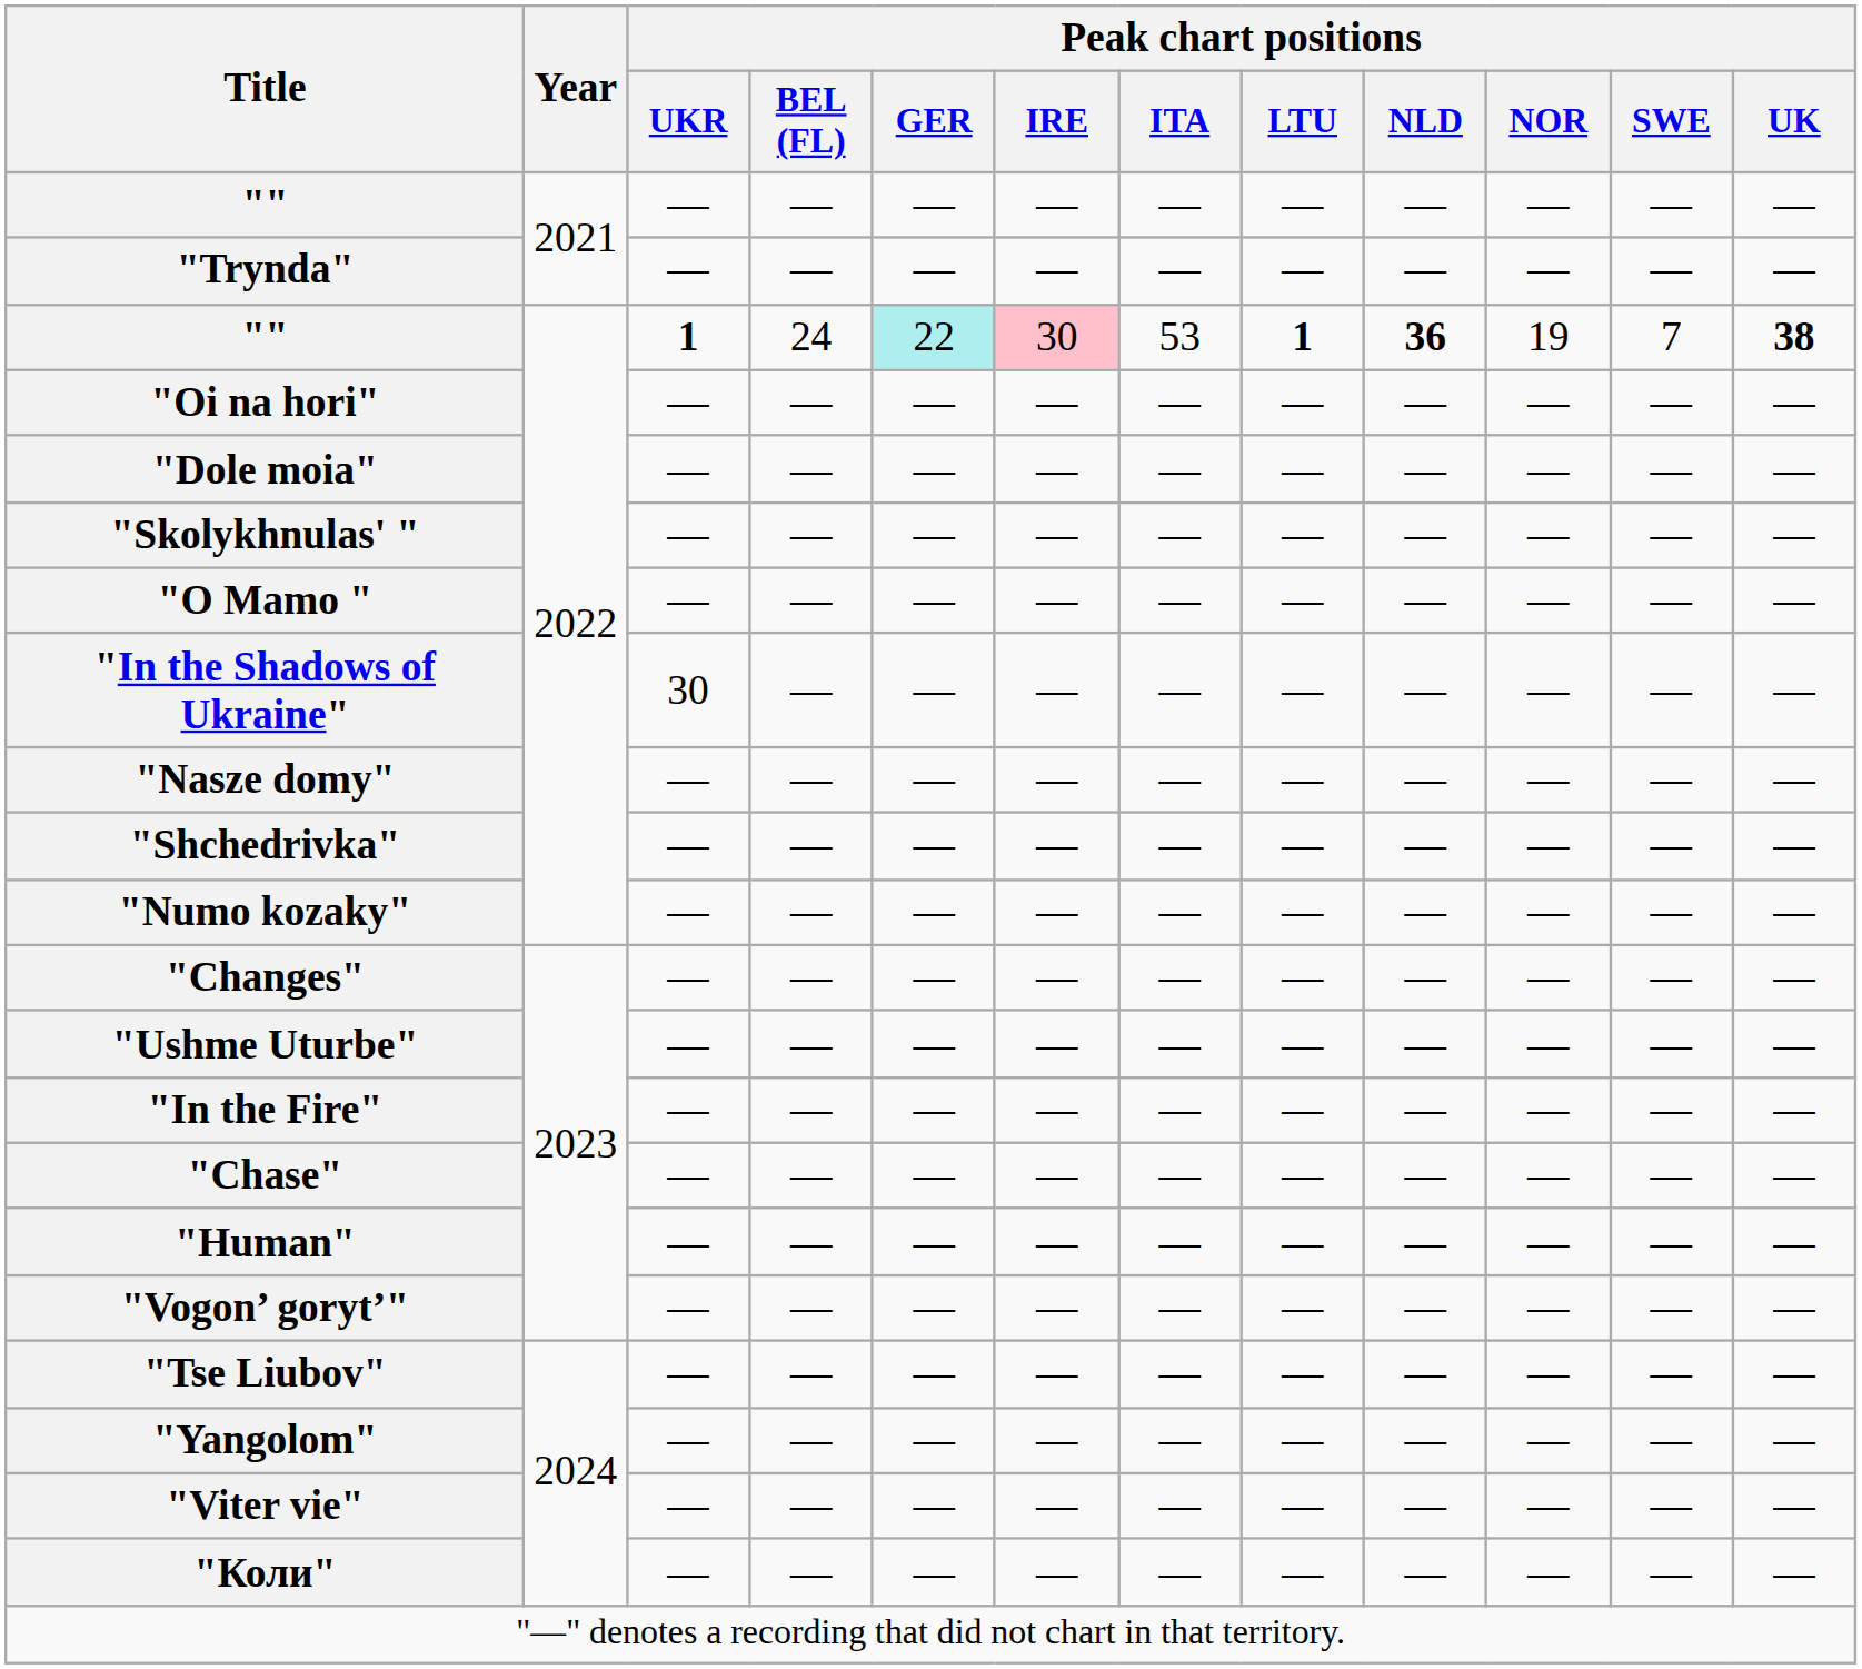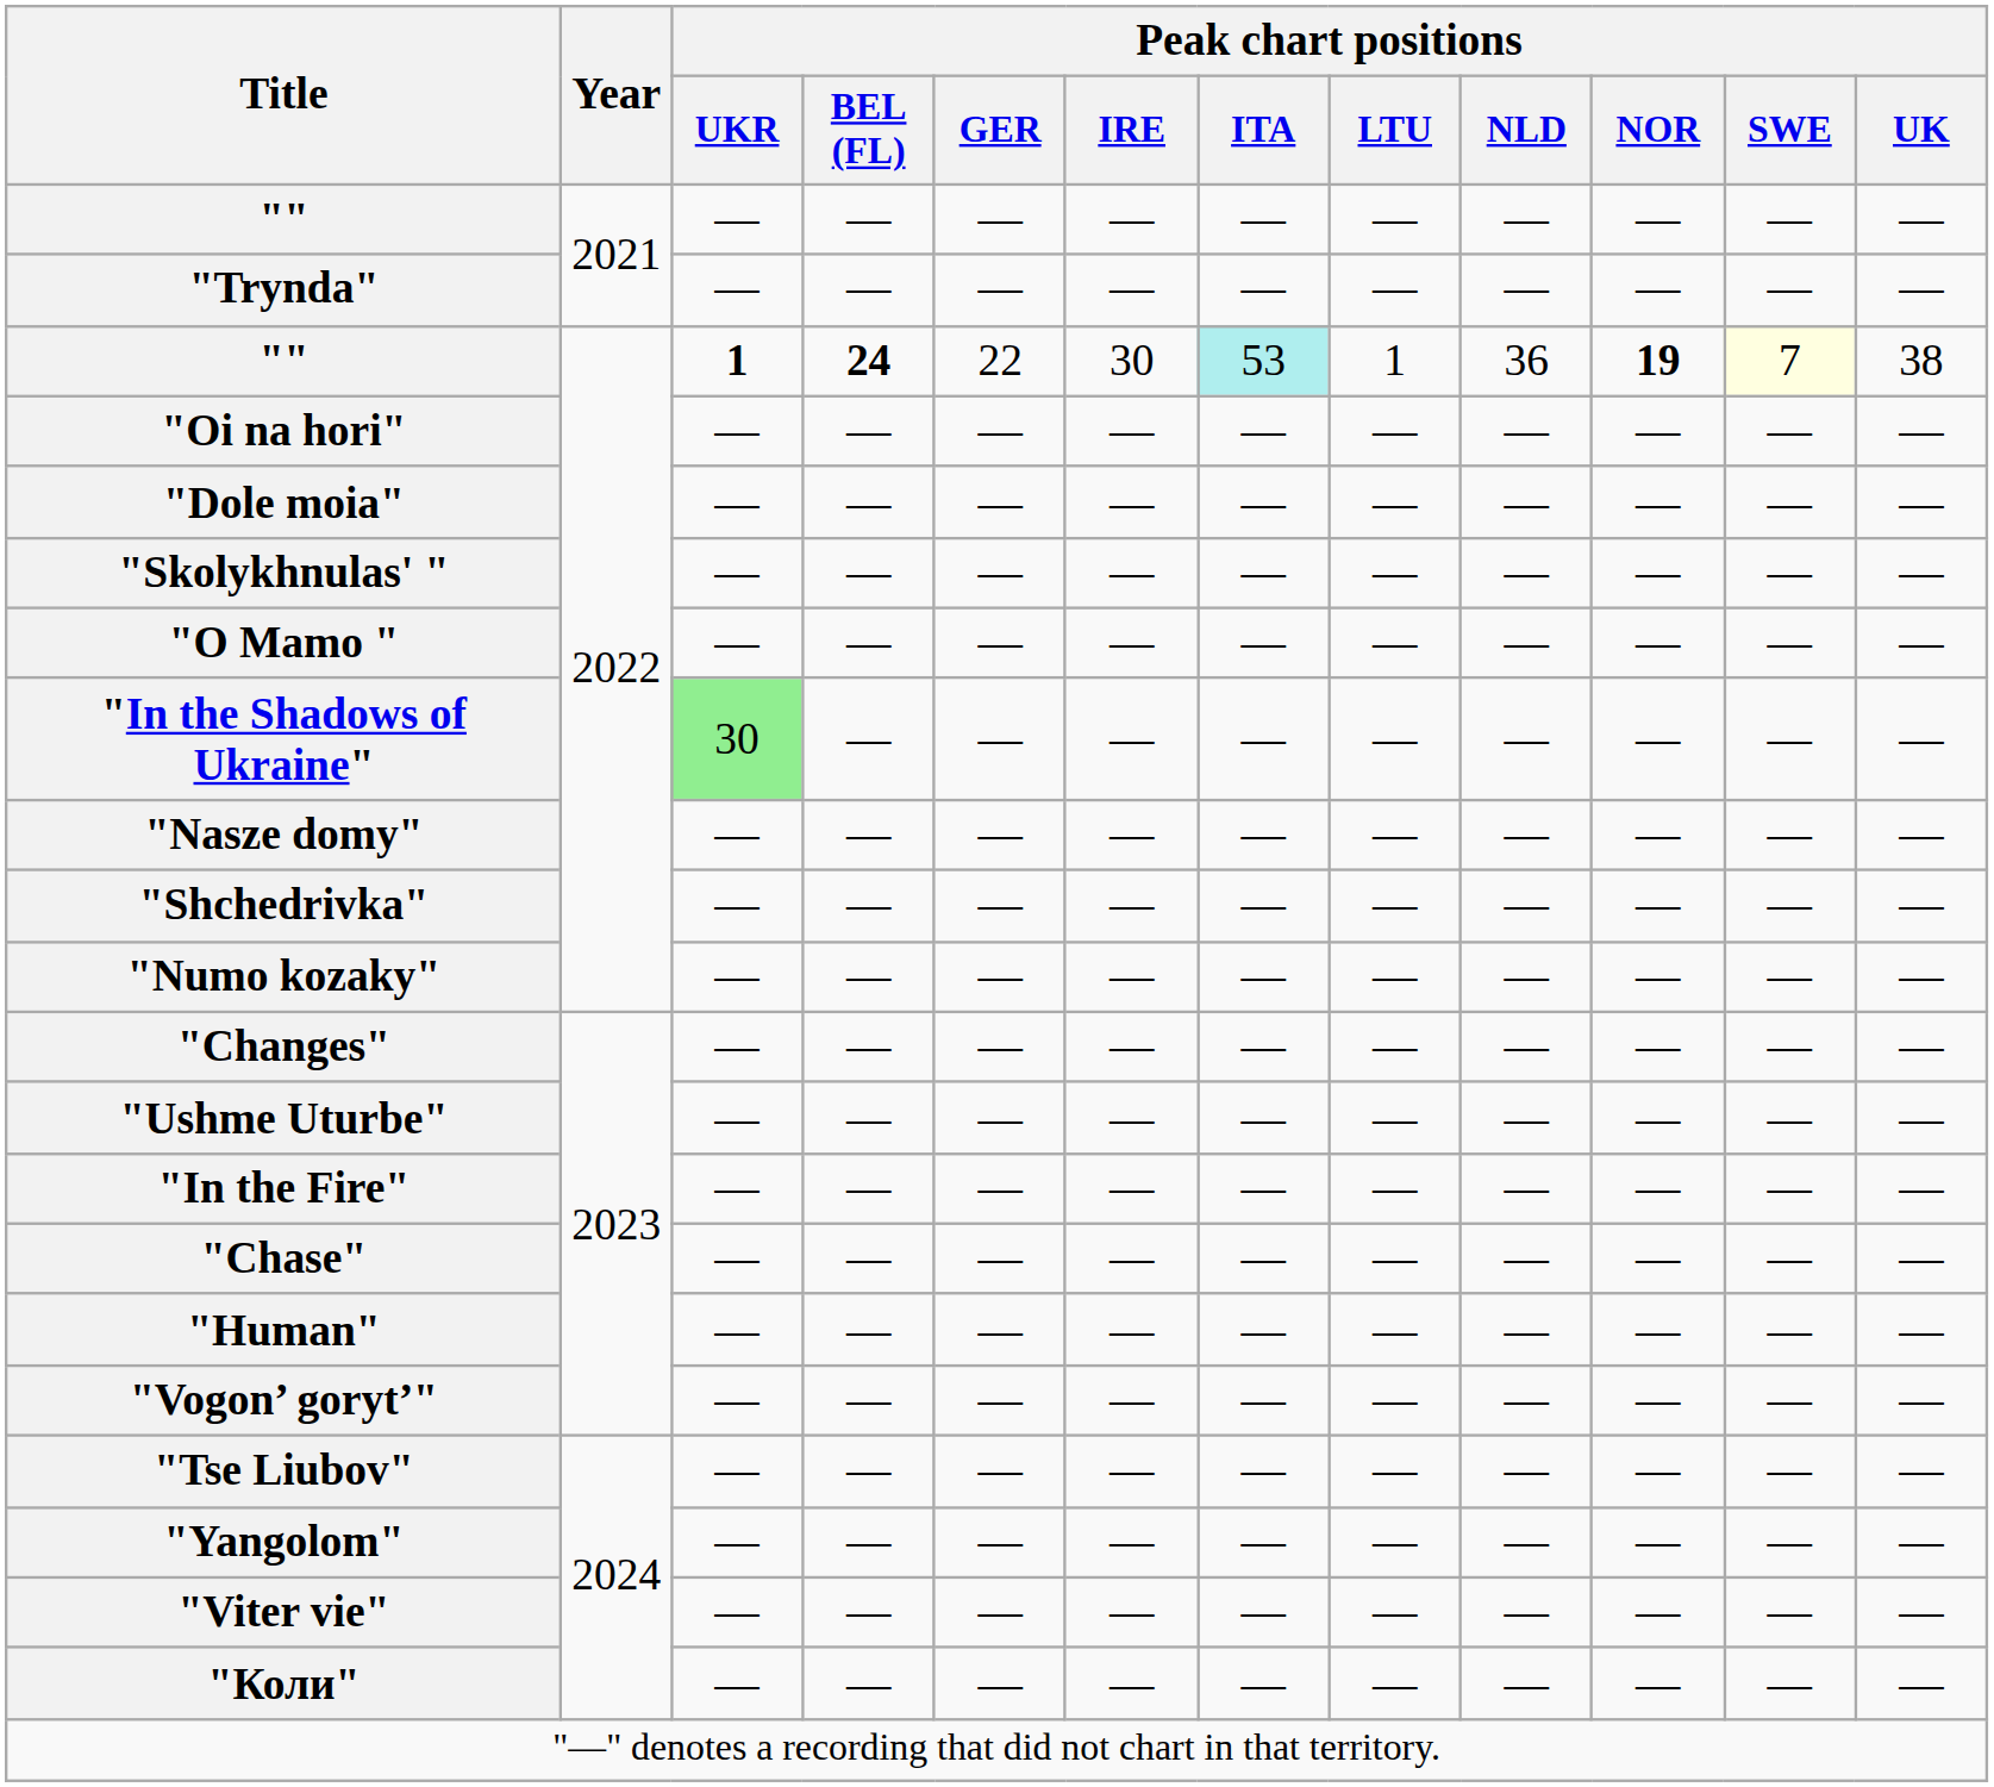 <table class="wikitable plainrowheaders" style="text-align:center;">
 <tr>
 <th scope="col" rowspan="2" style="width:12em;">Title</th>
 <th scope="col" rowspan="2" style="width:2em;">Year</th>
 <th scope="col" colspan="10">Peak chart positions</th>
 </tr>
 <tr>
 <th style="width:3em;font-size:85%"><a href='#'>UKR</a><br></th>
 <th style="width:3em;font-size:85%"><a href='#'>BEL<br>(FL)</a><br></th>
 <th style="width:3em;font-size:85%"><a href='#'>GER</a><br></th>
 <th style="width:3em;font-size:85%"><a href='#'>IRE</a><br></th>
 <th style="width:3em;font-size:85%"><a href='#'>ITA</a><br></th>
 <th style="width:3em;font-size:85%"><a href='#'>LTU</a><br></th>
 <th style="width:3em;font-size:85%"><a href='#'>NLD</a><br></th>
 <th style="width:3em;font-size:85%"><a href='#'>NOR</a><br></th>
 <th style="width:3em;font-size:85%"><a href='#'>SWE</a><br></th>
 <th style="width:3em;font-size:85%"><a href='#'>UK</a><br></th>
 </tr>
 <tr>
 <th scope="row">""</th>
 <td rowspan="2">2021</td>
 <td>—</td>
 <td>—</td>
 <td>—</td>
 <td>—</td>
 <td>—</td>
 <td>—</td>
 <td>—</td>
 <td>—</td>
 <td>—</td>
 <td>—</td>
 </tr>
 <tr>
 <th scope="row">"Trynda" </th>
 <td>—</td>
 <td>—</td>
 <td>—</td>
 <td>—</td>
 <td>—</td>
 <td>—</td>
 <td>—</td>
 <td>—</td>
 <td>—</td>
 <td>—</td>
 </tr>
 <tr>
 <th scope="row">""</th>
 <td rowspan="9">2022</td>
 <td><strong>1</strong></td>
-<td>24</td>
-<td style="background: paleturquoise;">22</td>
-<td style="background: pink;">30</td>
-<td>53</td>
-<td><strong>1</strong></td>
-<td><strong>36</strong></td>
-<td>19</td>
-<td>7</td>
-<td><strong>38</strong></td>
+<td><strong>24</strong></td>
+<td>22</td>
+<td>30</td>
+<td style="background: paleturquoise;">53</td>
+<td>1</td>
+<td>36</td>
+<td><strong>19</strong></td>
+<td style="background: lightyellow;">7</td>
+<td>38</td>
 </tr>
 <tr>
 <th scope="row">"Oi na hori"</th>
 <td>—</td>
 <td>—</td>
 <td>—</td>
 <td>—</td>
 <td>—</td>
 <td>—</td>
 <td>—</td>
 <td>—</td>
 <td>—</td>
 <td>—</td>
 </tr>
 <tr>
 <th scope="row">"Dole moia"</th>
 <td>—</td>
 <td>—</td>
 <td>—</td>
 <td>—</td>
 <td>—</td>
 <td>—</td>
 <td>—</td>
 <td>—</td>
 <td>—</td>
 <td>—</td>
 </tr>
 <tr>
 <th scope="row">"Skolykhnulas' "</th>
 <td>—</td>
 <td>—</td>
 <td>—</td>
 <td>—</td>
 <td>—</td>
 <td>—</td>
 <td>—</td>
 <td>—</td>
 <td>—</td>
 <td>—</td>
 </tr>
 <tr>
 <th scope="row">"O Mamo "<br></th>
 <td>—</td>
 <td>—</td>
 <td>—</td>
 <td>—</td>
 <td>—</td>
 <td>—</td>
 <td>—</td>
 <td>—</td>
 <td>—</td>
 <td>—</td>
 </tr>
 <tr>
 <th scope="row">"<a href='#'>In the Shadows of Ukraine</a>"<br></th>
-<td>30</td>
+<td style="background: lightgreen;">30</td>
 <td>—</td>
 <td>—</td>
 <td>—</td>
 <td>—</td>
 <td>—</td>
 <td>—</td>
 <td>—</td>
 <td>—</td>
 <td>—</td>
 </tr>
 <tr>
 <th scope="row">"Nasze domy"<br></th>
 <td>—</td>
 <td>—</td>
 <td>—</td>
 <td>—</td>
 <td>—</td>
 <td>—</td>
 <td>—</td>
 <td>—</td>
 <td>—</td>
 <td>—</td>
 </tr>
 <tr>
 <th scope="row">"Shchedrivka"</th>
 <td>—</td>
 <td>—</td>
 <td>—</td>
 <td>—</td>
 <td>—</td>
 <td>—</td>
 <td>—</td>
 <td>—</td>
 <td>—</td>
 <td>—</td>
 </tr>
 <tr>
 <th scope="row">"Numo kozaky"<br></th>
 <td>—</td>
 <td>—</td>
 <td>—</td>
 <td>—</td>
 <td>—</td>
 <td>—</td>
 <td>—</td>
 <td>—</td>
 <td>—</td>
 <td>—</td>
 </tr>
 <tr>
 <th scope="row">"Changes"</th>
 <td rowspan="6">2023</td>
 <td>—</td>
 <td>—</td>
 <td>—</td>
 <td>—</td>
 <td>—</td>
 <td>—</td>
 <td>—</td>
 <td>—</td>
 <td>—</td>
 <td>—</td>
 </tr>
 <tr>
 <th scope="row">"Ushme Uturbe"<br></th>
 <td>—</td>
 <td>—</td>
 <td>—</td>
 <td>—</td>
 <td>—</td>
 <td>—</td>
 <td>—</td>
 <td>—</td>
 <td>—</td>
 <td>—</td>
 </tr>
 <tr>
 <th scope="row">"In the Fire"</th>
 <td>—</td>
 <td>—</td>
 <td>—</td>
 <td>—</td>
 <td>—</td>
 <td>—</td>
 <td>—</td>
 <td>—</td>
 <td>—</td>
 <td>—</td>
 </tr>
 <tr>
 <th scope="row">"Chase"</th>
 <td>—</td>
 <td>—</td>
 <td>—</td>
 <td>—</td>
 <td>—</td>
 <td>—</td>
 <td>—</td>
 <td>—</td>
 <td>—</td>
 <td>—</td>
 </tr>
 <tr>
 <th scope="row">"Human" <br></th>
 <td>—</td>
 <td>—</td>
 <td>—</td>
 <td>—</td>
 <td>—</td>
 <td>—</td>
 <td>—</td>
 <td>—</td>
 <td>—</td>
 <td>—</td>
 </tr>
 <tr>
 <th scope="row">"Vogon’ goryt’"</th>
 <td>—</td>
 <td>—</td>
 <td>—</td>
 <td>—</td>
 <td>—</td>
 <td>—</td>
 <td>—</td>
 <td>—</td>
 <td>—</td>
 <td>—</td>
 </tr>
 <tr>
 <th scope="row">"Tse Liubov"</th>
 <td rowspan="4">2024</td>
 <td>—</td>
 <td>—</td>
 <td>—</td>
 <td>—</td>
 <td>—</td>
 <td>—</td>
 <td>—</td>
 <td>—</td>
 <td>—</td>
 <td>—</td>
 </tr>
 <tr>
 <th scope="row">"Yangolom"</th>
 <td>—</td>
 <td>—</td>
 <td>—</td>
 <td>—</td>
 <td>—</td>
 <td>—</td>
 <td>—</td>
 <td>—</td>
 <td>—</td>
 <td>—</td>
 </tr>
 <tr>
 <th scope="row">"Viter vie"</th>
 <td>—</td>
 <td>—</td>
 <td>—</td>
 <td>—</td>
 <td>—</td>
 <td>—</td>
 <td>—</td>
 <td>—</td>
 <td>—</td>
 <td>—</td>
 </tr>
 <tr>
 <th scope="row">"Коли"</th>
 <td>—</td>
 <td>—</td>
 <td>—</td>
 <td>—</td>
 <td>—</td>
 <td>—</td>
 <td>—</td>
 <td>—</td>
 <td>—</td>
 <td>—</td>
 </tr>
 <tr>
 <td colspan="12" style="font-size:85%">"—" denotes a recording that did not chart in that territory.</td>
 </tr>
 </table>
